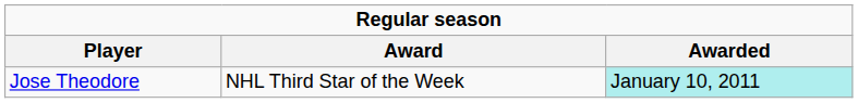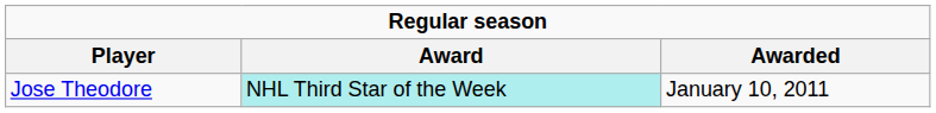 <table class="wikitable" style="width:55%;">
 <tr>
 <td colspan="10" style="text-align:center;"><strong>Regular season</strong></td>
 </tr>
 <tr>
 <th>Player</th>
 <th>Award</th>
 <th>Awarded</th>
 </tr>
 <tr>
 <td><a href='#'>Jose Theodore</a></td>
-<td>NHL Third Star of the Week</td>
-<td style="background: paleturquoise;">January 10, 2011</td>
+<td style="background: paleturquoise;">NHL Third Star of the Week</td>
+<td>January 10, 2011</td>
 </tr>
 </table>
